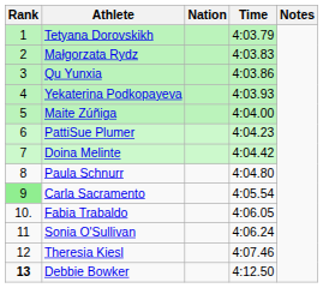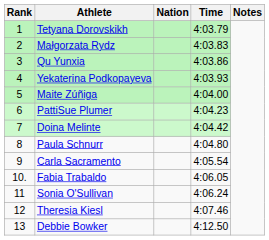 <table class="wikitable sortable" style="text-align:center">
 <tr>
 <th>Rank</th>
 <th>Athlete</th>
 <th>Nation</th>
 <th>Time</th>
 <th>Notes</th>
 </tr>
 <tr style="background:#bbf3bb;">
 <td>1</td>
 <td align=left><a href='#'>Tetyana Dorovskikh</a></td>
 <td align=left></td>
 <td>4:03.79</td>
 </tr>
 <tr style="background:#bbf3bb;">
 <td>2</td>
 <td align=left><a href='#'>Małgorzata Rydz</a></td>
 <td align=left></td>
 <td>4:03.83</td>
 </tr>
 <tr style="background:#bbf3bb;">
 <td>3</td>
 <td align=left><a href='#'>Qu Yunxia</a></td>
 <td align=left></td>
 <td>4:03.86</td>
 </tr>
 <tr style="background:#bbf3bb;">
 <td>4</td>
 <td align=left><a href='#'>Yekaterina Podkopayeva</a></td>
 <td align=left></td>
 <td>4:03.93</td>
 </tr>
 <tr style="background:#bbf3bb;">
 <td>5</td>
 <td align=left><a href='#'>Maite Zúñiga</a></td>
 <td align=left></td>
 <td>4:04.00</td>
 </tr>
 <tr style="background:#ccf9cc;">
 <td>6</td>
 <td align=left><a href='#'>PattiSue Plumer</a></td>
 <td align=left></td>
 <td>4:04.23</td>
 </tr>
 <tr style="background:#ccf9cc;">
 <td>7</td>
 <td align=left><a href='#'>Doina Melinte</a></td>
 <td align=left></td>
 <td>4:04.42</td>
 </tr>
 <tr>
 <td>8</td>
 <td align=left><a href='#'>Paula Schnurr</a></td>
 <td align=left></td>
 <td>4:04.80</td>
 </tr>
 <tr>
-<td style="background: lightgreen;">9</td>
+<td>9</td>
 <td align=left><a href='#'>Carla Sacramento</a></td>
 <td align=left></td>
 <td>4:05.54</td>
 </tr>
 <tr>
 <td>10.</td>
 <td align=left><a href='#'>Fabia Trabaldo</a></td>
 <td align=left></td>
 <td>4:06.05</td>
 </tr>
 <tr>
 <td>11</td>
 <td align=left><a href='#'>Sonia O'Sullivan</a></td>
 <td align=left></td>
 <td>4:06.24</td>
 </tr>
 <tr>
 <td>12</td>
 <td align=left><a href='#'>Theresia Kiesl</a></td>
 <td align=left></td>
 <td>4:07.46</td>
 </tr>
 <tr>
-<td><strong>13</strong></td>
+<td>13</td>
 <td align=left><a href='#'>Debbie Bowker</a></td>
 <td align=left></td>
 <td>4:12.50</td>
 </tr>
 </table>
